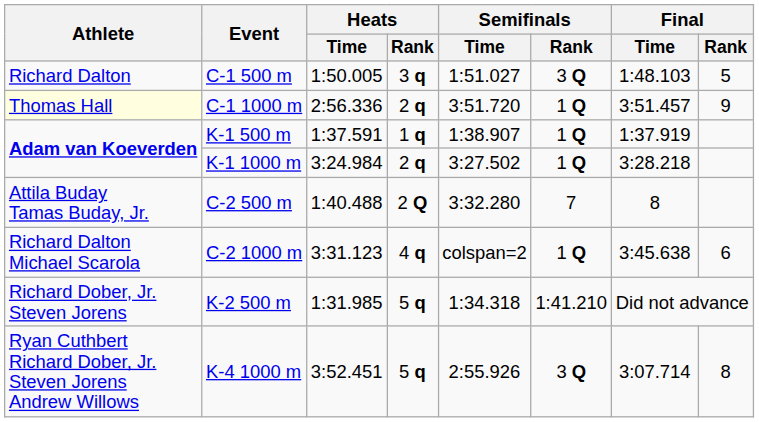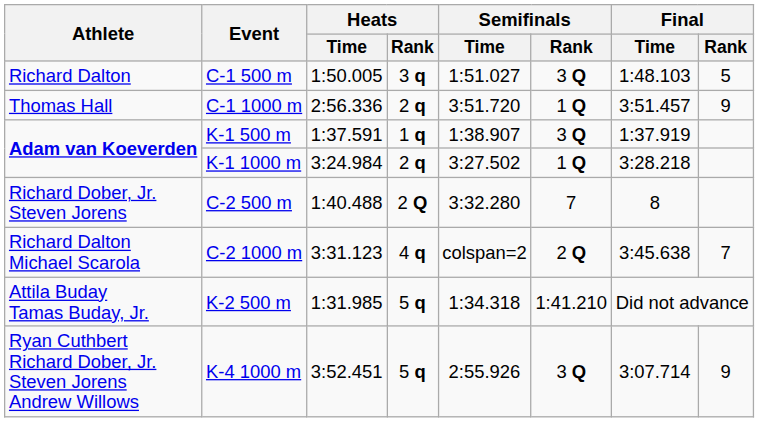 <table class="wikitable" style="font-size:90%">
 <tr>
 <th rowspan=2>Athlete</th>
 <th rowspan=2>Event</th>
 <th colspan=2>Heats</th>
 <th colspan=2>Semifinals</th>
 <th colspan=2>Final</th>
 </tr>
 <tr style="font-size:95%">
 <th>Time</th>
 <th>Rank</th>
 <th>Time</th>
 <th>Rank</th>
 <th>Time</th>
 <th>Rank</th>
 </tr>
 <tr align=center>
 <td align=left><a href='#'>Richard Dalton</a></td>
 <td align=left><a href='#'>C-1 500 m</a></td>
 <td>1:50.005</td>
 <td>3 <strong>q</strong></td>
 <td>1:51.027</td>
 <td>3 <strong>Q</strong></td>
 <td>1:48.103</td>
 <td>5</td>
 </tr>
 <tr align=center>
-<td align=left style="background: lightyellow;"><a href='#'>Thomas Hall</a></td>
+<td align=left><a href='#'>Thomas Hall</a></td>
 <td align=left><a href='#'>C-1 1000 m</a></td>
 <td>2:56.336</td>
 <td>2 <strong>q</strong></td>
 <td>3:51.720</td>
 <td>1 <strong>Q</strong></td>
 <td>3:51.457</td>
 <td>9</td>
 </tr>
 <tr align=center>
 <td align=left rowspan=2><strong><a href='#'>Adam van Koeverden</a></strong></td>
 <td align=left><a href='#'>K-1 500 m</a></td>
 <td>1:37.591</td>
 <td>1 <strong>q</strong></td>
 <td>1:38.907</td>
-<td>1 <strong>Q</strong></td>
+<td>3 <strong>Q</strong></td>
 <td>1:37.919</td>
 <td></td>
 </tr>
 <tr align=center>
 <td align=left><a href='#'>K-1 1000 m</a></td>
 <td>3:24.984</td>
 <td>2 <strong>q</strong></td>
 <td>3:27.502</td>
 <td>1 <strong>Q</strong></td>
 <td>3:28.218</td>
 <td></td>
 </tr>
 <tr align=center>
-<td align=left><a href='#'>Attila Buday</a><br><a href='#'>Tamas Buday, Jr.</a></td>
+<td align=left><a href='#'>Richard Dober, Jr.</a><br> <a href='#'>Steven Jorens</a></td>
 <td align=left><a href='#'>C-2 500 m</a></td>
 <td>1:40.488</td>
 <td>2 <strong>Q</strong></td>
 <td>3:32.280</td>
 <td>7</td>
 <td>8</td>
 </tr>
 <tr align=center>
 <td align=left><a href='#'>Richard Dalton</a><br><a href='#'>Michael Scarola</a></td>
 <td align=left><a href='#'>C-2 1000 m</a></td>
 <td>3:31.123</td>
 <td>4 <strong>q</strong></td>
 <td>colspan=2 </td>
-<td>1 <strong>Q</strong></td>
+<td>2 <strong>Q</strong></td>
 <td>3:45.638</td>
-<td>6</td>
+<td>7</td>
 </tr>
 <tr align=center>
-<td align=left><a href='#'>Richard Dober, Jr.</a><br> <a href='#'>Steven Jorens</a></td>
+<td align=left><a href='#'>Attila Buday</a><br><a href='#'>Tamas Buday, Jr.</a></td>
 <td align=left><a href='#'>K-2 500 m</a></td>
 <td>1:31.985</td>
 <td>5 <strong>q</strong></td>
 <td>1:34.318</td>
 <td>1:41.210</td>
 <td colspan=2>Did not advance</td>
 </tr>
 <tr align=center>
 <td align=left><a href='#'>Ryan Cuthbert</a><br> <a href='#'>Richard Dober, Jr.</a><br><a href='#'>Steven Jorens</a><br><a href='#'>Andrew Willows</a></td>
 <td align=left><a href='#'>K-4 1000 m</a></td>
 <td>3:52.451</td>
 <td>5 <strong>q</strong></td>
 <td>2:55.926</td>
 <td>3 <strong>Q</strong></td>
 <td>3:07.714</td>
-<td>8</td>
+<td>9</td>
 </tr>
 </table>
